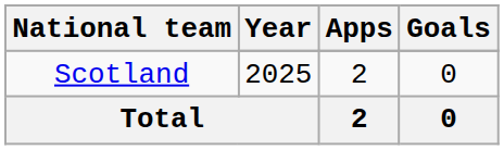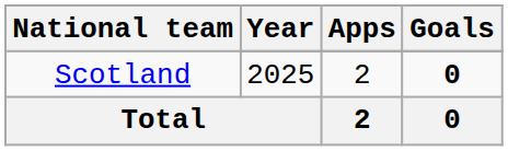 <table class=wikitable style=text-align:center>
 <tr>
 <th>National team</th>
 <th>Year</th>
 <th>Apps</th>
 <th>Goals</th>
 </tr>
 <tr>
 <td rowspan="2"><a href='#'>Scotland</a></td>
 </tr>
 <tr>
 <td>2025</td>
 <td>2</td>
-<td>0</td>
+<td><strong>0</strong></td>
 </tr>
 <tr>
 <th colspan="2">Total</th>
 <th>2</th>
 <th>0</th>
 </tr>
 </table>
